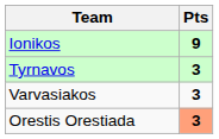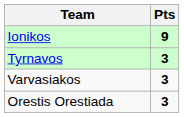 <table class="wikitable" style="text-align: center;">
 <tr>
 <th width=165>Team</th>
 <th width=20>Pts</th>
 </tr>
 <tr bgcolor="#ccffcc">
 <td align=left><a href='#'>Ionikos</a></td>
 <td><strong>9</strong></td>
 </tr>
 <tr bgcolor="#ccffcc">
 <td align=left><a href='#'>Tyrnavos</a></td>
 <td><strong>3</strong></td>
 </tr>
 <tr>
 <td align=left>Varvasiakos</td>
 <td><strong>3</strong></td>
 </tr>
 <tr>
 <td align=left>Orestis Orestiada</td>
-<td style="background: lightsalmon;"><strong>3</strong></td>
+<td><strong>3</strong></td>
 </tr>
 </table>
